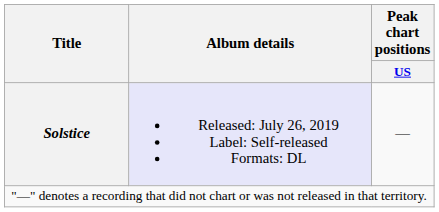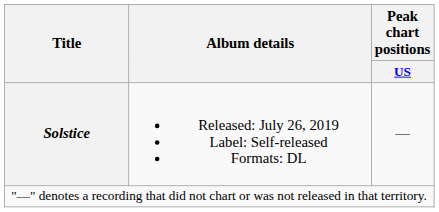 <table class="wikitable plainrowheaders" style="text-align:center;">
 <tr>
 <th scope="col" rowspan="2" style="width:8em;">Title</th>
 <th scope="col" rowspan="2" style="width:16em;">Album details</th>
 <th scope="col" colspan="1">Peak chart positions</th>
 </tr>
 <tr>
 <th scope="col" style="width:2.5em;font-size:90%;"><a href='#'>US</a><br></th>
 </tr>
 <tr>
 <th scope="row"><em>Solstice</em></th>
-<td style="background: lavender;"><br><ul><li>Released: July 26, 2019</li><li>Label: Self-released</li><li>Formats: DL</li></ul></td>
+<td><br><ul><li>Released: July 26, 2019</li><li>Label: Self-released</li><li>Formats: DL</li></ul></td>
 <td>—</td>
 </tr>
 <tr>
 <td colspan="12" style="font-size:90%">"—" denotes a recording that did not chart or was not released in that territory.</td>
 </tr>
 </table>
